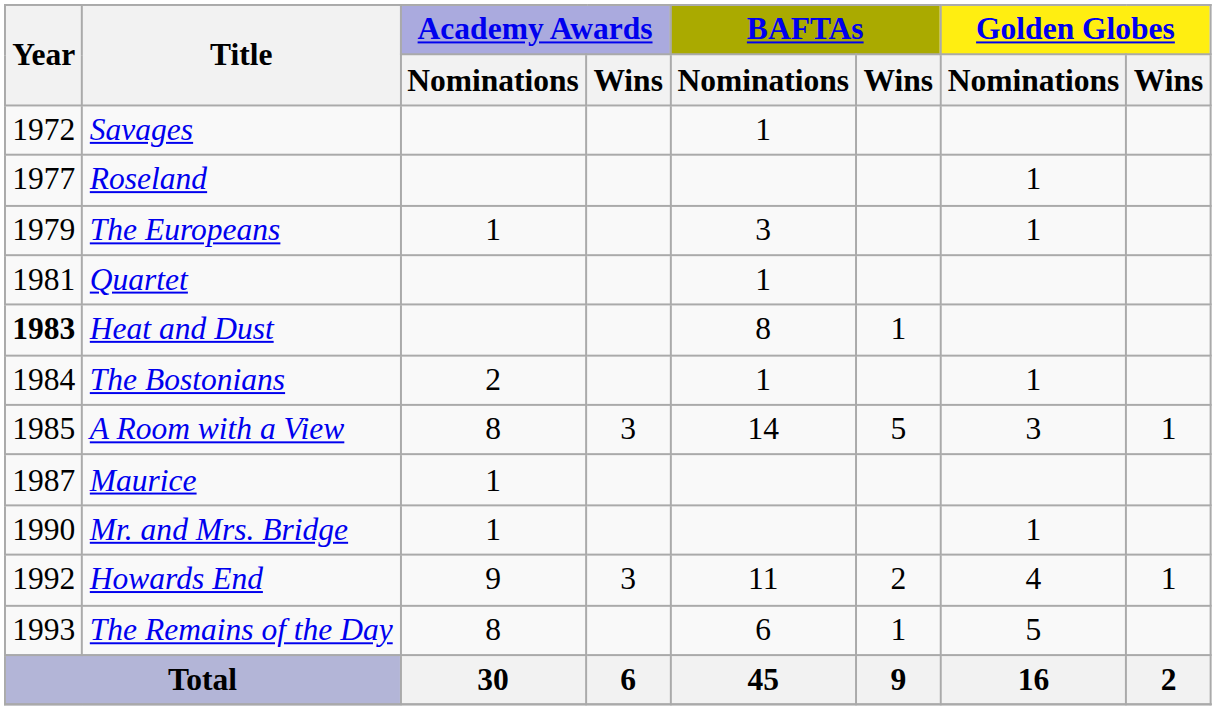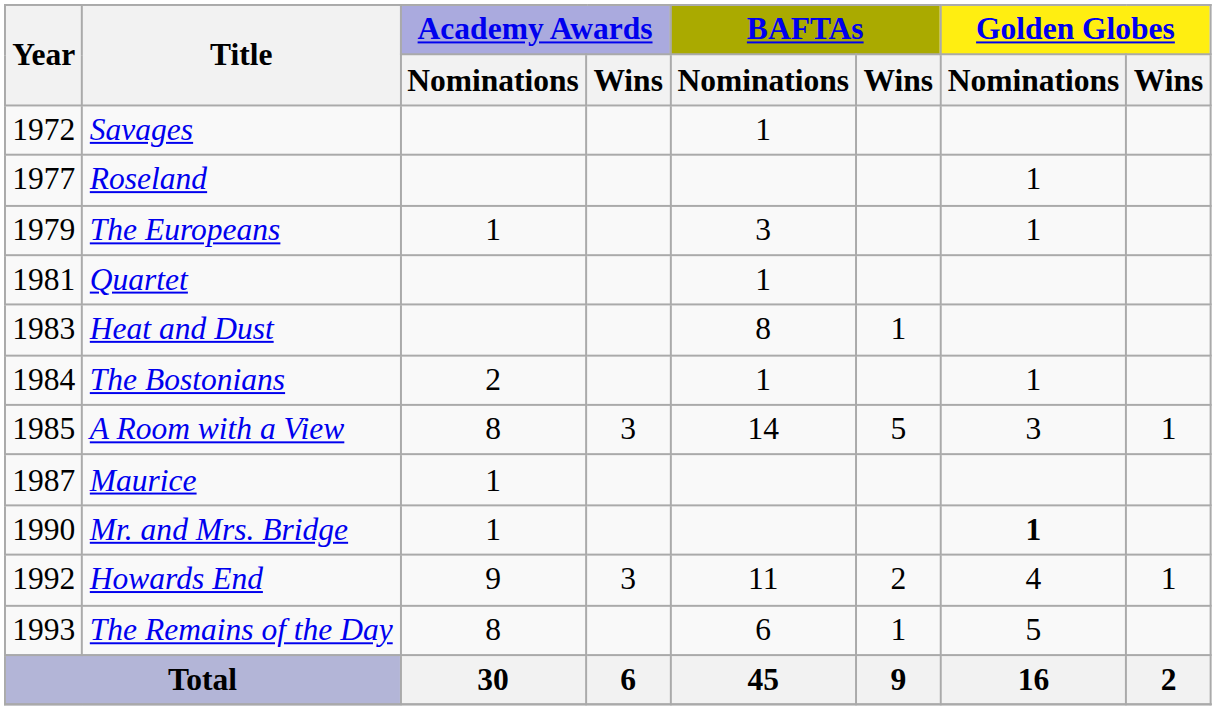 <table class="wikitable">
 <tr>
 <th rowspan="2">Year</th>
 <th rowspan="2">Title</th>
 <th colspan="2" style="background-color:#aaaade; text-align:center;"><a href='#'>Academy Awards</a></th>
 <th colspan="2" style="background-color:#aa0; text-align:center;"><a href='#'>BAFTAs</a></th>
 <th colspan="2" style="background-color:#fe1; text-align:center;"><a href='#'>Golden Globes</a></th>
 </tr>
 <tr>
 <th>Nominations</th>
 <th>Wins</th>
 <th>Nominations</th>
 <th>Wins</th>
 <th>Nominations</th>
 <th>Wins</th>
 </tr>
 <tr>
 <td>1972</td>
 <td><em><a href='#'>Savages</a></em></td>
 <td></td>
 <td></td>
 <td align=center>1</td>
 <td></td>
 <td></td>
 <td></td>
 </tr>
 <tr>
 <td>1977</td>
 <td><em><a href='#'>Roseland</a></em></td>
 <td></td>
 <td></td>
 <td></td>
 <td></td>
 <td align=center>1</td>
 <td></td>
 </tr>
 <tr>
 <td>1979</td>
 <td><em><a href='#'>The Europeans</a></em></td>
 <td align=center>1</td>
 <td></td>
 <td align=center>3</td>
 <td></td>
 <td align=center>1</td>
 <td></td>
 </tr>
 <tr>
 <td>1981</td>
 <td><em><a href='#'>Quartet</a></em></td>
 <td></td>
 <td></td>
 <td align=center>1</td>
 <td></td>
 <td></td>
 <td></td>
 </tr>
 <tr>
-<td><strong>1983</strong></td>
+<td>1983</td>
 <td><em><a href='#'>Heat and Dust</a></em></td>
 <td></td>
 <td></td>
 <td align=center>8</td>
 <td align=center>1</td>
 <td></td>
 <td></td>
 </tr>
 <tr>
 <td>1984</td>
 <td><em><a href='#'>The Bostonians</a></em></td>
 <td align=center>2</td>
 <td></td>
 <td align=center>1</td>
 <td></td>
 <td align=center>1</td>
 <td></td>
 </tr>
 <tr>
 <td>1985</td>
 <td><em><a href='#'>A Room with a View</a></em></td>
 <td align=center>8</td>
 <td align=center>3</td>
 <td align=center>14</td>
 <td align=center>5</td>
 <td align=center>3</td>
 <td align=center>1</td>
 </tr>
 <tr>
 <td>1987</td>
 <td><em><a href='#'>Maurice</a></em></td>
 <td align=center>1</td>
 <td></td>
 <td></td>
 <td></td>
 <td></td>
 <td></td>
 </tr>
 <tr>
 <td>1990</td>
 <td><em><a href='#'>Mr. and Mrs. Bridge</a></em></td>
 <td align=center>1</td>
 <td></td>
 <td></td>
 <td></td>
-<td align=center>1</td>
+<td align=center><strong>1</strong></td>
 <td></td>
 </tr>
 <tr>
 <td>1992</td>
 <td><em><a href='#'>Howards End</a></em></td>
 <td align=center>9</td>
 <td align=center>3</td>
 <td align=center>11</td>
 <td align=center>2</td>
 <td align=center>4</td>
 <td align=center>1</td>
 </tr>
 <tr>
 <td>1993</td>
 <td><em><a href='#'>The Remains of the Day</a></em></td>
 <td align=center>8</td>
 <td></td>
 <td align=center>6</td>
 <td align=center>1</td>
 <td align=center>5</td>
 <td></td>
 </tr>
 <tr>
 <th colspan="2" style="background-color:#b3b5d7; text-align:center;">Total</th>
 <th>30</th>
 <th>6</th>
 <th>45</th>
 <th>9</th>
 <th>16</th>
 <th>2</th>
 </tr>
 <tr>
 </tr>
 </table>
